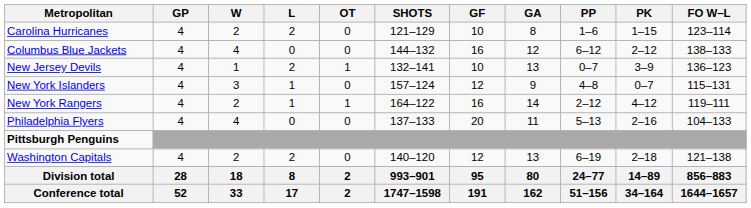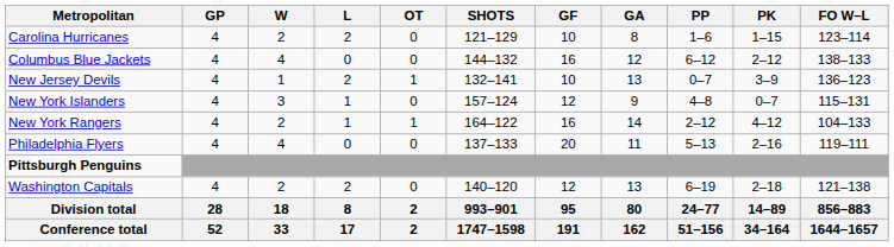 <table class="wikitable" style="text-align:center; width:65em; font-size:85%;">
 <tr>
 <th width="20%">Metropolitan</th>
 <th width="7.5%">GP</th>
 <th width="7.5%">W</th>
 <th width="7.5%">L</th>
 <th width="7.5%">OT</th>
 <th width="10%">SHOTS</th>
 <th width="7.5%">GF</th>
 <th width="7.5%">GA</th>
 <th width="7.5%">PP</th>
 <th width="7.5%">PK</th>
 <th width="10%">FO W–L</th>
 </tr>
 <tr>
 <td align=left><a href='#'>Carolina Hurricanes</a></td>
 <td>4</td>
 <td>2</td>
 <td>2</td>
 <td>0</td>
 <td>121–129</td>
 <td>10</td>
 <td>8</td>
 <td>1–6</td>
 <td>1–15</td>
 <td>123–114</td>
 </tr>
 <tr>
 <td align=left><a href='#'>Columbus Blue Jackets</a></td>
 <td>4</td>
 <td>4</td>
 <td>0</td>
 <td>0</td>
 <td>144–132</td>
 <td>16</td>
 <td>12</td>
 <td>6–12</td>
 <td>2–12</td>
 <td>138–133</td>
 </tr>
 <tr>
 <td align=left><a href='#'>New Jersey Devils</a></td>
 <td>4</td>
 <td>1</td>
 <td>2</td>
 <td>1</td>
 <td>132–141</td>
 <td>10</td>
 <td>13</td>
 <td>0–7</td>
 <td>3–9</td>
 <td>136–123</td>
 </tr>
 <tr>
 <td align=left><a href='#'>New York Islanders</a></td>
 <td>4</td>
 <td>3</td>
 <td>1</td>
 <td>0</td>
 <td>157–124</td>
 <td>12</td>
 <td>9</td>
 <td>4–8</td>
 <td>0–7</td>
 <td>115–131</td>
 </tr>
 <tr>
 <td align=left><a href='#'>New York Rangers</a></td>
 <td>4</td>
 <td>2</td>
 <td>1</td>
 <td>1</td>
 <td>164–122</td>
 <td>16</td>
 <td>14</td>
 <td>2–12</td>
 <td>4–12</td>
-<td>119–111</td>
+<td>104–133</td>
 </tr>
 <tr>
 <td align=left><a href='#'>Philadelphia Flyers</a></td>
 <td>4</td>
 <td>4</td>
 <td>0</td>
 <td>0</td>
 <td>137–133</td>
 <td>20</td>
 <td>11</td>
 <td>5–13</td>
 <td>2–16</td>
-<td>104–133</td>
+<td>119–111</td>
 </tr>
 <tr>
 <td align=left><strong>Pittsburgh Penguins</strong></td>
 <td style="background:darkgray;" colspan=10></td>
 </tr>
 <tr>
 <td align=left><a href='#'>Washington Capitals</a></td>
 <td>4</td>
 <td>2</td>
 <td>2</td>
 <td>0</td>
 <td>140–120</td>
 <td>12</td>
 <td>13</td>
 <td>6–19</td>
 <td>2–18</td>
 <td>121–138</td>
 </tr>
 <tr>
 <th>Division total</th>
 <th>28</th>
 <th>18</th>
 <th>8</th>
 <th>2</th>
 <th>993–901</th>
 <th>95</th>
 <th>80</th>
 <th>24–77</th>
 <th>14–89</th>
 <th>856–883</th>
 </tr>
 <tr>
 <th>Conference total</th>
 <th>52</th>
 <th>33</th>
 <th>17</th>
 <th>2</th>
 <th>1747–1598</th>
 <th>191</th>
 <th>162</th>
 <th>51–156</th>
 <th>34–164</th>
 <th>1644–1657</th>
 </tr>
 </table>
